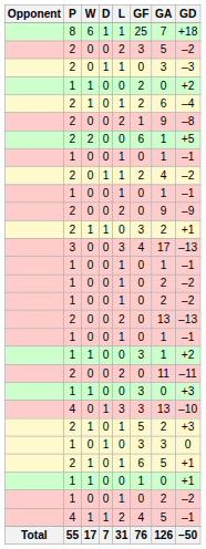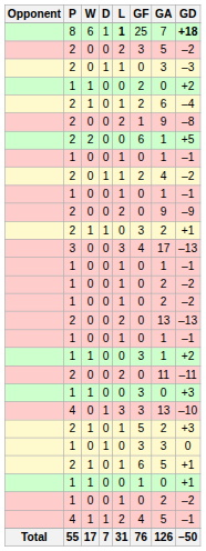 <table class="wikitable sortable" style="text-align:center">
 <tr>
 <th>Opponent</th>
 <th>P</th>
 <th>W</th>
 <th>D</th>
 <th>L</th>
 <th>GF</th>
 <th>GA</th>
 <th>GD</th>
 </tr>
 <tr>
 </tr>
 <tr bgcolor=CCFFCC>
 <td align="left"></td>
 <td>8</td>
 <td>6</td>
 <td>1</td>
-<td>1</td>
+<td><strong>1</strong></td>
 <td>25</td>
 <td>7</td>
-<td>+18</td>
+<td><strong>+18</strong></td>
 </tr>
 <tr bgcolor=FFCCCC>
 <td align="left"></td>
 <td>2</td>
 <td>0</td>
 <td>0</td>
 <td>2</td>
 <td>3</td>
 <td>5</td>
 <td>–2</td>
 </tr>
 <tr bgcolor=FFFACD>
 <td align="left"></td>
 <td>2</td>
 <td>0</td>
 <td>1</td>
 <td>1</td>
 <td>0</td>
 <td>3</td>
 <td>–3</td>
 </tr>
 <tr bgcolor=CCFFCC>
 <td align="left"></td>
 <td>1</td>
 <td>1</td>
 <td>0</td>
 <td>0</td>
 <td>2</td>
 <td>0</td>
 <td>+2</td>
 </tr>
 <tr bgcolor=FFFACD>
 <td align="left"></td>
 <td>2</td>
 <td>1</td>
 <td>0</td>
 <td>1</td>
 <td>2</td>
 <td>6</td>
 <td>–4</td>
 </tr>
 <tr bgcolor=FFCCCC>
 <td align="left"></td>
 <td>2</td>
 <td>0</td>
 <td>0</td>
 <td>2</td>
 <td>1</td>
 <td>9</td>
 <td>–8</td>
 </tr>
 <tr bgcolor=CCFFCC>
 <td align="left"></td>
 <td>2</td>
 <td>2</td>
 <td>0</td>
 <td>0</td>
 <td>6</td>
 <td>1</td>
 <td>+5</td>
 </tr>
 <tr bgcolor=FFCCCC>
 <td align="left"></td>
 <td>1</td>
 <td>0</td>
 <td>0</td>
 <td>1</td>
 <td>0</td>
 <td>1</td>
 <td>–1</td>
 </tr>
 <tr bgcolor=FFFACD>
 <td align="left"></td>
 <td>2</td>
 <td>0</td>
 <td>1</td>
 <td>1</td>
 <td>2</td>
 <td>4</td>
 <td>–2</td>
 </tr>
 <tr bgcolor=FFCCCC>
 <td align="left"></td>
 <td>1</td>
 <td>0</td>
 <td>0</td>
 <td>1</td>
 <td>0</td>
 <td>1</td>
 <td>–1</td>
 </tr>
 <tr bgcolor=FFCCCC>
 <td align="left"></td>
 <td>2</td>
 <td>0</td>
 <td>0</td>
 <td>2</td>
 <td>0</td>
 <td>9</td>
 <td>–9</td>
 </tr>
 <tr bgcolor=FFFACD>
 <td align="left"></td>
 <td>2</td>
 <td>1</td>
 <td>1</td>
 <td>0</td>
 <td>3</td>
 <td>2</td>
 <td>+1</td>
 </tr>
 <tr bgcolor=FFCCCC>
 <td align="left"></td>
 <td>3</td>
 <td>0</td>
 <td>0</td>
 <td>3</td>
 <td>4</td>
 <td>17</td>
 <td>–13</td>
 </tr>
 <tr bgcolor=FFCCCC>
 <td align="left"></td>
 <td>1</td>
 <td>0</td>
 <td>0</td>
 <td>1</td>
 <td>0</td>
 <td>1</td>
 <td>–1</td>
 </tr>
 <tr bgcolor=FFCCCC>
 <td align="left"></td>
 <td>1</td>
 <td>0</td>
 <td>0</td>
 <td>1</td>
 <td>0</td>
 <td>2</td>
 <td>–2</td>
 </tr>
 <tr bgcolor=FFCCCC>
 <td align="left"></td>
 <td>1</td>
 <td>0</td>
 <td>0</td>
 <td>1</td>
 <td>0</td>
 <td>2</td>
 <td>–2</td>
 </tr>
 <tr bgcolor=FFCCCC>
 <td align="left"></td>
 <td>2</td>
 <td>0</td>
 <td>0</td>
 <td>2</td>
 <td>0</td>
 <td>13</td>
 <td>–13</td>
 </tr>
 <tr bgcolor=FFCCCC>
 <td align="left"></td>
 <td>1</td>
 <td>0</td>
 <td>0</td>
 <td>1</td>
 <td>0</td>
 <td>1</td>
 <td>–1</td>
 </tr>
 <tr bgcolor=CCFFCC>
 <td align="left"></td>
 <td>1</td>
 <td>1</td>
 <td>0</td>
 <td>0</td>
 <td>3</td>
 <td>1</td>
 <td>+2</td>
 </tr>
 <tr bgcolor=FFCCCC>
 <td align="left"></td>
 <td>2</td>
 <td>0</td>
 <td>0</td>
 <td>2</td>
 <td>0</td>
 <td>11</td>
 <td>–11</td>
 </tr>
 <tr bgcolor=CCFFCC>
 <td align="left"></td>
 <td>1</td>
 <td>1</td>
 <td>0</td>
 <td>0</td>
 <td>3</td>
 <td>0</td>
 <td>+3</td>
 </tr>
 <tr bgcolor=FFCCCC>
 <td align="left"></td>
 <td>4</td>
 <td>0</td>
 <td>1</td>
 <td>3</td>
 <td>3</td>
 <td>13</td>
 <td>–10</td>
 </tr>
 <tr bgcolor=FFFACD>
 <td align="left"></td>
 <td>2</td>
 <td>1</td>
 <td>0</td>
 <td>1</td>
 <td>5</td>
 <td>2</td>
 <td>+3</td>
 </tr>
 <tr bgcolor=FFFACD>
 <td align="left"></td>
 <td>1</td>
 <td>0</td>
 <td>1</td>
 <td>0</td>
 <td>3</td>
 <td>3</td>
 <td>0</td>
 </tr>
 <tr bgcolor=FFFACD>
 <td align="left"></td>
 <td>2</td>
 <td>1</td>
 <td>0</td>
 <td>1</td>
 <td>6</td>
 <td>5</td>
 <td>+1</td>
 </tr>
 <tr bgcolor=CCFFCC>
 <td align="left"></td>
 <td>1</td>
 <td>1</td>
 <td>0</td>
 <td>0</td>
 <td>1</td>
 <td>0</td>
 <td>+1</td>
 </tr>
 <tr bgcolor=FFCCCC>
 <td align="left"></td>
 <td>1</td>
 <td>0</td>
 <td>0</td>
 <td>1</td>
 <td>0</td>
 <td>2</td>
 <td>–2</td>
 </tr>
 <tr bgcolor=FFCCCC>
 <td align="left"></td>
 <td>4</td>
 <td>1</td>
 <td>1</td>
 <td>2</td>
 <td>4</td>
 <td>5</td>
 <td>–1</td>
 </tr>
 <tr>
 </tr>
 <tr class="sortbottom">
 <th>Total</th>
 <th>55</th>
 <th>17</th>
 <th>7</th>
 <th>31</th>
 <th>76</th>
 <th>126</th>
 <th>–50</th>
 </tr>
 </table>
